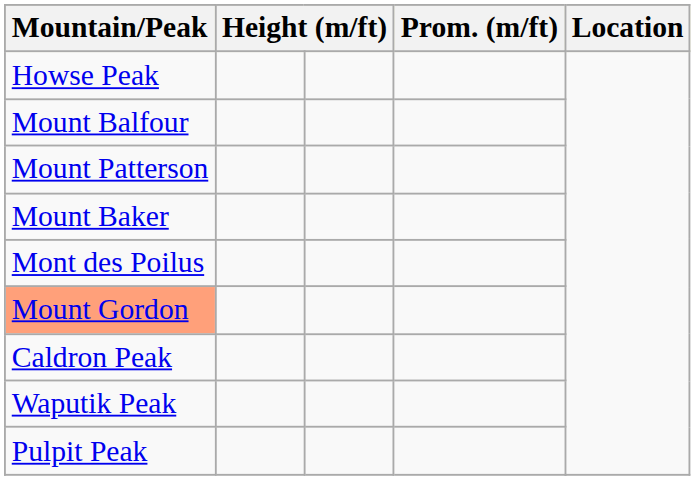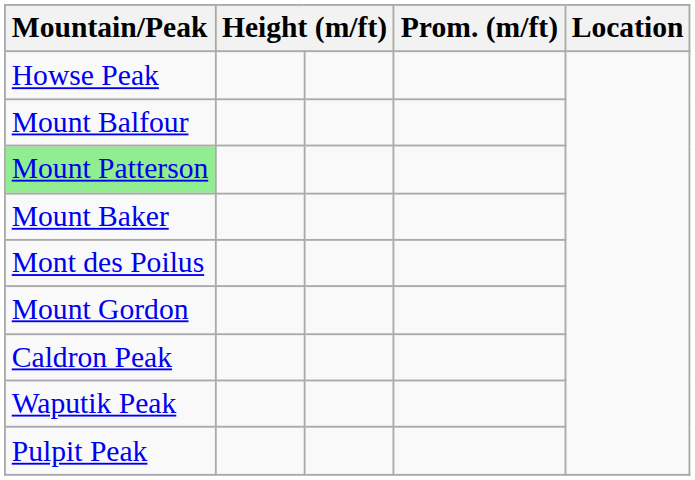 <table class="wikitable sortable">
 <tr style="background:#ffc;">
 <th style="text-align:left;">Mountain/Peak</th>
 <th colspan=2>Height (m/ft)</th>
 <th colspan=2>Prom. (m/ft)</th>
 <th>Location</th>
 </tr>
 <tr>
 <td><a href='#'>Howse Peak</a></td>
 <td></td>
 <td></td>
 <td></td>
 </tr>
 <tr>
 <td><a href='#'>Mount Balfour</a></td>
 <td></td>
 <td></td>
 <td></td>
 </tr>
 <tr>
-<td><a href='#'>Mount Patterson</a></td>
+<td style="background: lightgreen;"><a href='#'>Mount Patterson</a></td>
 <td></td>
 <td></td>
 <td></td>
 </tr>
 <tr>
 <td><a href='#'>Mount Baker</a></td>
 <td></td>
 <td></td>
 <td></td>
 </tr>
 <tr>
 <td><a href='#'>Mont des Poilus</a></td>
 <td></td>
 <td></td>
 <td></td>
 </tr>
 <tr>
-<td style="background: lightsalmon;"><a href='#'>Mount Gordon</a></td>
+<td><a href='#'>Mount Gordon</a></td>
 <td></td>
 <td></td>
 <td></td>
 </tr>
 <tr>
 <td><a href='#'>Caldron Peak</a></td>
 <td></td>
 <td></td>
 <td></td>
 </tr>
 <tr>
 <td><a href='#'>Waputik Peak</a></td>
 <td></td>
 <td></td>
 <td></td>
 </tr>
 <tr>
 <td><a href='#'>Pulpit Peak</a></td>
 <td></td>
 <td></td>
 <td></td>
 </tr>
 </table>
